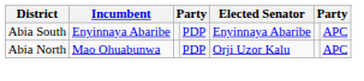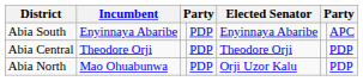 <table class="sortable wikitable" style="font-size:95%;line-height:14px;">
 <tr>
 <th class="unsortable">District</th>
 <th class="unsortable"><a href='#'>Incumbent</a></th>
 <th colspan="2">Party</th>
 <th class="unsortable">Elected Senator</th>
 <th colspan="2">Party</th>
 </tr>
 <tr>
 <td>Abia South</td>
 <td><a href='#'>Enyinnaya Abaribe</a></td>
 <td style="background:"></td>
 <td><a href='#'>PDP</a></td>
 <td><a href='#'>Enyinnaya Abaribe</a></td>
 <td style="background:"></td>
 <td><a href='#'>APC</a></td>
 </tr>
 <tr>
+<td>Abia Central</td>
+<td><a href='#'>Theodore Orji</a></td>
+<td style="background:"></td>
+<td><a href='#'>PDP</a></td>
+<td><a href='#'>Theodore Orji</a></td>
+<td style="background:"></td>
+<td><a href='#'>PDP</a></td>
+</tr>
+<tr>
 <td>Abia North</td>
 <td><a href='#'>Mao Ohuabunwa</a></td>
 <td style="background:"></td>
 <td><a href='#'>PDP</a></td>
 <td><a href='#'>Orji Uzor Kalu</a></td>
 <td style="background:"></td>
-<td><a href='#'>APC</a></td>
+<td><a href='#'>PDP</a></td>
 </tr>
 </table>
